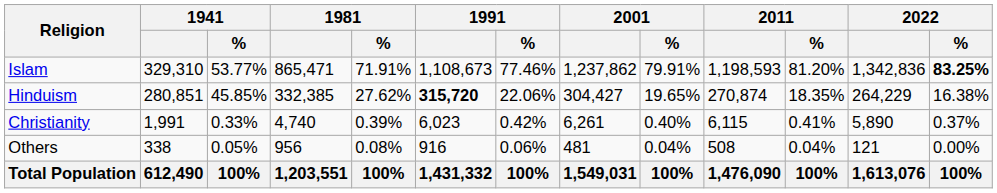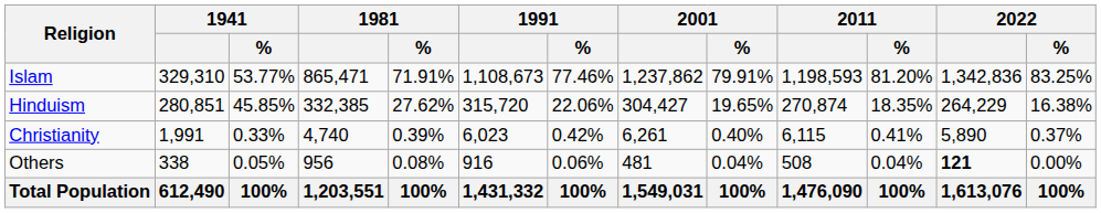 <table class="wikitable sortable">
 <tr>
 <th rowspan="2">Religion</th>
 <th colspan="2">1941</th>
 <th colspan="2">1981</th>
 <th colspan="2">1991</th>
 <th colspan="2">2001</th>
 <th colspan="2">2011</th>
 <th colspan="2">2022</th>
 </tr>
 <tr>
 <th></th>
 <th>%</th>
 <th></th>
 <th>%</th>
 <th></th>
 <th>%</th>
 <th></th>
 <th>%</th>
 <th></th>
 <th>%</th>
 <th></th>
 <th>%</th>
 </tr>
 <tr>
 <td><a href='#'>Islam</a> </td>
 <td>329,310</td>
 <td>53.77%</td>
 <td>865,471</td>
 <td>71.91%</td>
 <td>1,108,673</td>
 <td>77.46%</td>
 <td>1,237,862</td>
 <td>79.91%</td>
 <td>1,198,593</td>
 <td>81.20%</td>
 <td>1,342,836</td>
-<td><strong>83.25%</strong></td>
+<td>83.25%</td>
 </tr>
 <tr>
 <td><a href='#'>Hinduism</a> </td>
 <td>280,851</td>
 <td>45.85%</td>
 <td>332,385</td>
 <td>27.62%</td>
-<td><strong>315,720</strong></td>
+<td>315,720</td>
 <td>22.06%</td>
 <td>304,427</td>
 <td>19.65%</td>
 <td>270,874</td>
 <td>18.35%</td>
 <td>264,229</td>
 <td>16.38%</td>
 </tr>
 <tr>
 <td><a href='#'>Christianity</a> </td>
 <td>1,991</td>
 <td>0.33%</td>
 <td>4,740</td>
 <td>0.39%</td>
 <td>6,023</td>
 <td>0.42%</td>
 <td>6,261</td>
 <td>0.40%</td>
 <td>6,115</td>
 <td>0.41%</td>
 <td>5,890</td>
 <td>0.37%</td>
 </tr>
 <tr>
 <td>Others </td>
 <td>338</td>
 <td>0.05%</td>
 <td>956</td>
 <td>0.08%</td>
 <td>916</td>
 <td>0.06%</td>
 <td>481</td>
 <td>0.04%</td>
 <td>508</td>
 <td>0.04%</td>
-<td>121</td>
+<td><strong>121</strong></td>
 <td>0.00%</td>
 </tr>
 <tr>
 <th>Total Population</th>
 <th>612,490</th>
 <th>100%</th>
 <th>1,203,551</th>
 <th>100%</th>
 <th>1,431,332</th>
 <th>100%</th>
 <th>1,549,031</th>
 <th>100%</th>
 <th>1,476,090</th>
 <th>100%</th>
 <th>1,613,076</th>
 <th>100%</th>
 </tr>
 </table>
